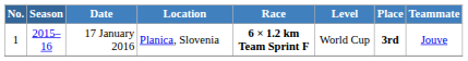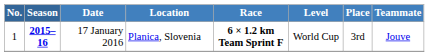 <table class="wikitable sortable" style="font-size:95%; text-align:center; border:grey solid 1px; border-collapse:collapse; background:#ffffff;">
 <tr style="background:#efefef;">
 <th style="background-color:#369; color:white;">No.</th>
 <th style="background-color:#369; color:white;">Season</th>
 <th style="background-color:#4180be; color:white; width:120px;">Date</th>
 <th style="background-color:#4180be; color:white; width:170px;">Location</th>
 <th style="background-color:#4180be; color:white; width:150px;">Race</th>
 <th style="background-color:#4180be; color:white; width:100px;">Level</th>
 <th style="background-color:#4180be; color:white;">Place</th>
 <th style="background-color:#4180be; color:white;">Teammate</th>
 </tr>
 <tr>
 <td align=center>1</td>
-<td><a href='#'>2015–16</a></td>
+<td><strong><a href='#'>2015–16</a></strong></td>
 <td align= right>17 January 2016</td>
 <td align=left> <a href='#'>Planica</a>, Slovenia</td>
 <td><strong>6 × 1.2 km Team Sprint F</strong></td>
 <td>World Cup</td>
-<td><strong>3rd</strong></td>
+<td>3rd</td>
 <td><a href='#'>Jouve</a></td>
 </tr>
 <tr>
 </tr>
 </table>
